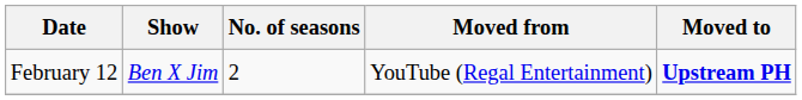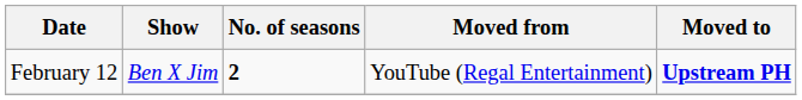 <table class="wikitable" style="text-align:left; line-height:25px; width:auto;">
 <tr>
 <th>Date</th>
 <th>Show</th>
 <th>No. of seasons</th>
 <th>Moved from</th>
 <th>Moved to</th>
 </tr>
 <tr>
 <td>February 12</td>
 <td><em><a href='#'>Ben X Jim</a></em></td>
-<td>2</td>
+<td><strong>2</strong></td>
 <td>YouTube (<a href='#'>Regal Entertainment</a>)</td>
 <td><strong><a href='#'>Upstream PH</a></strong></td>
 </tr>
 <tr>
 </tr>
 </table>
